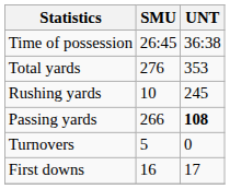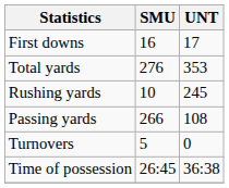 <table class="wikitable">
 <tr>
 <th>Statistics</th>
 <th>SMU</th>
 <th>UNT</th>
 </tr>
 <tr>
-<td>Time of possession</td>
-<td>26:45</td>
-<td>36:38</td>
+<td>First downs</td>
+<td>16</td>
+<td>17</td>
 </tr>
 <tr>
 <td>Total yards</td>
 <td>276</td>
 <td>353</td>
 </tr>
 <tr>
 <td>Rushing yards</td>
 <td>10</td>
 <td>245</td>
 </tr>
 <tr>
 <td>Passing yards</td>
 <td>266</td>
-<td><strong>108</strong></td>
+<td>108</td>
 </tr>
 <tr>
 <td>Turnovers</td>
 <td>5</td>
 <td>0</td>
 </tr>
 <tr>
-<td>First downs</td>
-<td>16</td>
-<td>17</td>
+<td>Time of possession</td>
+<td>26:45</td>
+<td>36:38</td>
 </tr>
 <tr>
 </tr>
 </table>
